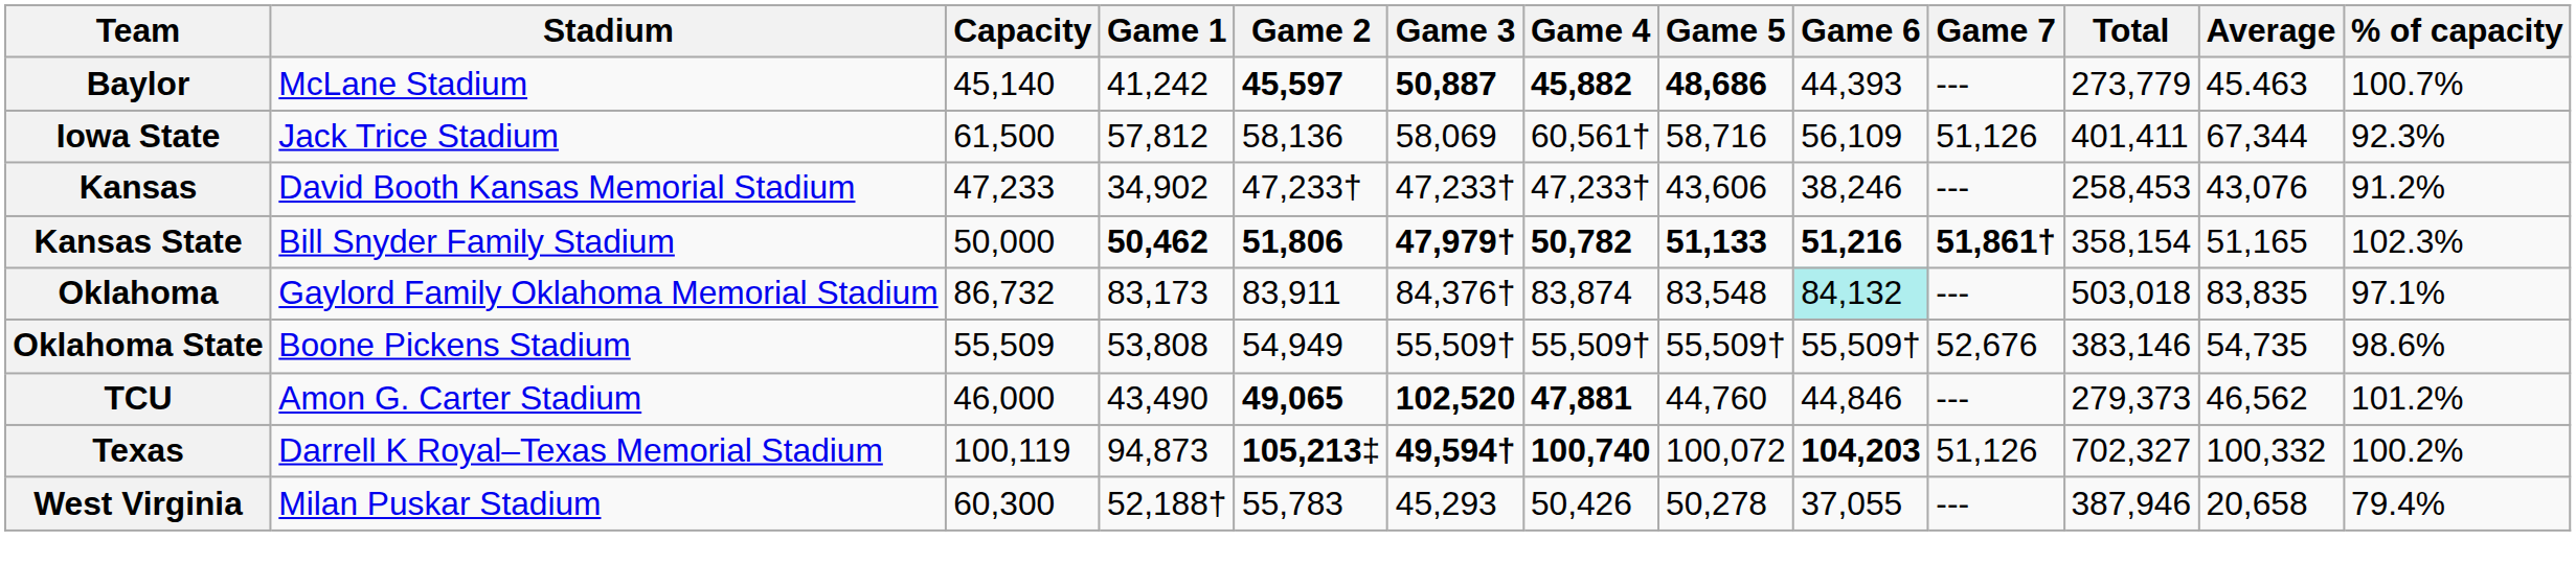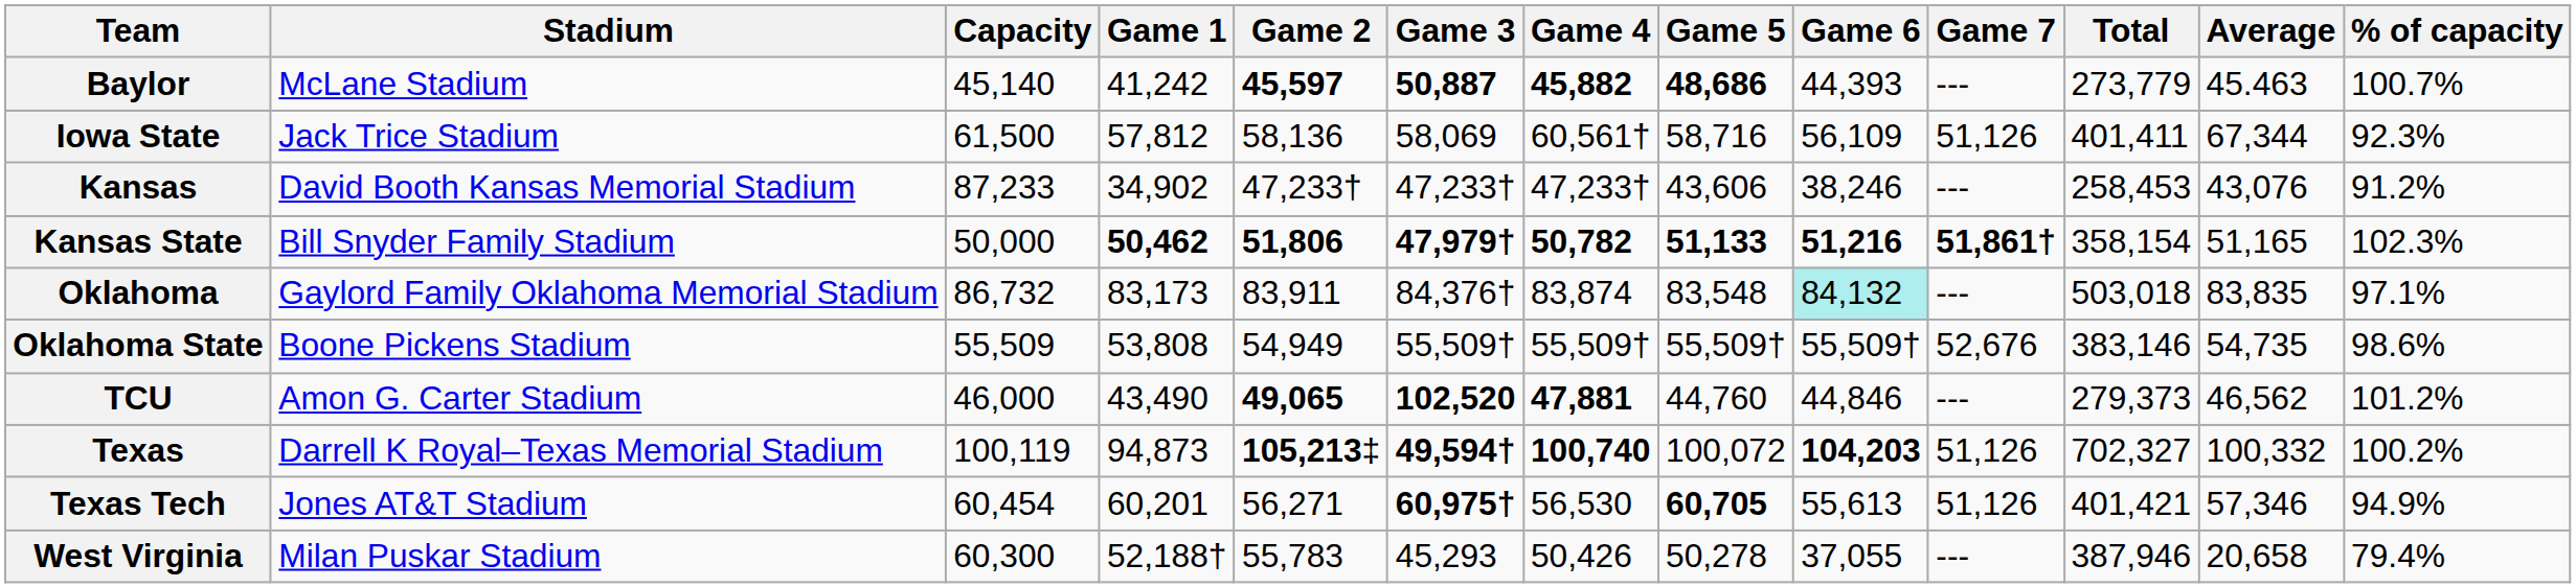 <table class="wikitable sortable">
 <tr>
 <th>Team</th>
 <th>Stadium</th>
 <th>Capacity</th>
 <th>Game 1</th>
 <th>Game 2</th>
 <th>Game 3</th>
 <th>Game 4</th>
 <th>Game 5</th>
 <th>Game 6</th>
 <th>Game 7</th>
 <th>Total</th>
 <th>Average</th>
 <th>% of capacity</th>
 </tr>
 <tr>
 <th>Baylor</th>
 <td><a href='#'>McLane Stadium</a></td>
 <td>45,140</td>
 <td>41,242</td>
 <td><strong>45,597</strong></td>
 <td><strong>50,887</strong></td>
 <td><strong>45,882</strong></td>
 <td><strong>48,686</strong></td>
 <td>44,393</td>
 <td>---</td>
 <td>273,779</td>
 <td>45.463</td>
 <td>100.7%</td>
 </tr>
 <tr>
 <th>Iowa State</th>
 <td><a href='#'>Jack Trice Stadium</a></td>
 <td>61,500</td>
 <td>57,812</td>
 <td>58,136</td>
 <td>58,069</td>
 <td>60,561†</td>
 <td>58,716</td>
 <td>56,109</td>
 <td>51,126</td>
 <td>401,411</td>
 <td>67,344</td>
 <td>92.3%</td>
 </tr>
 <tr>
 <th>Kansas</th>
 <td><a href='#'>David Booth Kansas Memorial Stadium</a></td>
-<td>47,233</td>
+<td>87,233</td>
 <td>34,902</td>
 <td>47,233†</td>
 <td>47,233†</td>
 <td>47,233†</td>
 <td>43,606</td>
 <td>38,246</td>
 <td>---</td>
 <td>258,453</td>
 <td>43,076</td>
 <td>91.2%</td>
 </tr>
 <tr>
 <th>Kansas State</th>
 <td><a href='#'>Bill Snyder Family Stadium</a></td>
 <td>50,000</td>
 <td><strong>50,462</strong></td>
 <td><strong>51,806</strong></td>
 <td><strong>47,979†</strong></td>
 <td><strong>50,782</strong></td>
 <td><strong>51,133</strong></td>
 <td><strong>51,216</strong></td>
 <td><strong>51,861†</strong></td>
 <td>358,154</td>
 <td>51,165</td>
 <td>102.3%</td>
 </tr>
 <tr>
 <th>Oklahoma</th>
 <td><a href='#'>Gaylord Family Oklahoma Memorial Stadium</a></td>
 <td>86,732</td>
 <td>83,173</td>
 <td>83,911</td>
 <td>84,376†</td>
 <td>83,874</td>
 <td>83,548</td>
 <td style="background: paleturquoise;">84,132</td>
 <td>---</td>
 <td>503,018</td>
 <td>83,835</td>
 <td>97.1%</td>
 </tr>
 <tr>
 <th>Oklahoma State</th>
 <td><a href='#'>Boone Pickens Stadium</a></td>
 <td>55,509</td>
 <td>53,808</td>
 <td>54,949</td>
 <td>55,509†</td>
 <td>55,509†</td>
 <td>55,509†</td>
 <td>55,509†</td>
 <td>52,676</td>
 <td>383,146</td>
 <td>54,735</td>
 <td>98.6%</td>
 </tr>
 <tr>
 <th>TCU</th>
 <td><a href='#'>Amon G. Carter Stadium</a></td>
 <td>46,000</td>
 <td>43,490</td>
 <td><strong>49,065</strong></td>
 <td><strong>102,520</strong></td>
 <td><strong>47,881</strong></td>
 <td>44,760</td>
 <td>44,846</td>
 <td>---</td>
 <td>279,373</td>
 <td>46,562</td>
 <td>101.2%</td>
 </tr>
 <tr>
 <th>Texas</th>
 <td><a href='#'>Darrell K Royal–Texas Memorial Stadium</a></td>
 <td>100,119</td>
 <td>94,873</td>
 <td><strong>105,213</strong>‡</td>
 <td><strong>49,594†</strong></td>
 <td><strong>100,740</strong></td>
 <td>100,072</td>
 <td><strong>104,203</strong></td>
 <td>51,126</td>
 <td>702,327</td>
 <td>100,332</td>
 <td>100.2%</td>
 </tr>
 <tr>
+<th>Texas Tech</th>
+<td><a href='#'>Jones AT&T Stadium</a></td>
+<td>60,454</td>
+<td>60,201</td>
+<td>56,271</td>
+<td><strong>60,975†</strong></td>
+<td>56,530</td>
+<td><strong>60,705</strong></td>
+<td>55,613</td>
+<td>51,126</td>
+<td>401,421</td>
+<td>57,346</td>
+<td>94.9%</td>
+</tr>
+<tr>
 <th>West Virginia</th>
 <td><a href='#'>Milan Puskar Stadium</a></td>
 <td>60,300</td>
 <td>52,188†</td>
 <td>55,783</td>
 <td>45,293</td>
 <td>50,426</td>
 <td>50,278</td>
 <td>37,055</td>
 <td>---</td>
 <td>387,946</td>
 <td>20,658</td>
 <td>79.4%</td>
 </tr>
 </table>
